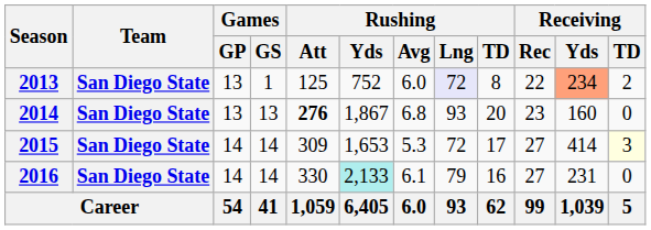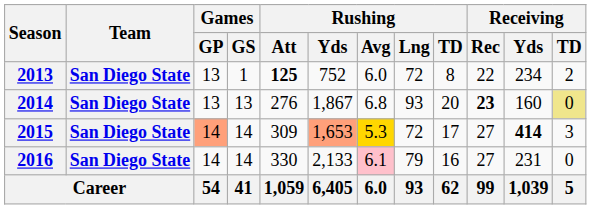 <table class="wikitable" style="text-align:center;">
 <tr>
 <th rowspan="2">Season</th>
 <th rowspan="2">Team</th>
 <th colspan="2">Games</th>
 <th colspan="5">Rushing</th>
 <th colspan="3">Receiving</th>
 </tr>
 <tr>
 <th>GP</th>
 <th>GS</th>
 <th>Att</th>
 <th>Yds</th>
 <th>Avg</th>
 <th>Lng</th>
 <th>TD</th>
 <th>Rec</th>
 <th>Yds</th>
 <th>TD</th>
 </tr>
 <tr>
 <th><a href='#'>2013</a></th>
 <th><a href='#'>San Diego State</a></th>
 <td>13</td>
 <td>1</td>
-<td>125</td>
+<td><strong>125</strong></td>
 <td>752</td>
 <td>6.0</td>
-<td style="background: lavender;">72</td>
+<td>72</td>
 <td>8</td>
 <td>22</td>
-<td style="background: lightsalmon;">234</td>
+<td>234</td>
 <td>2</td>
 </tr>
 <tr>
 <th><a href='#'>2014</a></th>
 <th><a href='#'>San Diego State</a></th>
 <td>13</td>
 <td>13</td>
-<td><strong>276</strong></td>
+<td>276</td>
 <td>1,867</td>
 <td>6.8</td>
 <td>93</td>
 <td>20</td>
-<td>23</td>
+<td><strong>23</strong></td>
 <td>160</td>
-<td>0</td>
+<td style="background: khaki;">0</td>
 </tr>
 <tr>
 <th><a href='#'>2015</a></th>
 <th><a href='#'>San Diego State</a></th>
-<td>14</td>
+<td style="background: lightsalmon;">14</td>
 <td>14</td>
 <td>309</td>
-<td>1,653</td>
-<td>5.3</td>
+<td style="background: lightsalmon;">1,653</td>
+<td style="background: gold;">5.3</td>
 <td>72</td>
 <td>17</td>
 <td>27</td>
-<td>414</td>
-<td style="background: lightyellow;">3</td>
+<td><strong>414</strong></td>
+<td>3</td>
 </tr>
 <tr>
 <th><a href='#'>2016</a></th>
 <th><a href='#'>San Diego State</a></th>
 <td>14</td>
 <td>14</td>
 <td>330</td>
-<td style="background: paleturquoise;">2,133</td>
-<td>6.1</td>
+<td>2,133</td>
+<td style="background: pink;">6.1</td>
 <td>79</td>
 <td>16</td>
 <td>27</td>
 <td>231</td>
 <td>0</td>
 </tr>
 <tr>
 <th colspan="2">Career</th>
 <th>54</th>
 <th>41</th>
 <th>1,059</th>
 <th>6,405</th>
 <th>6.0</th>
 <th>93</th>
 <th>62</th>
 <th>99</th>
 <th>1,039</th>
 <th>5</th>
 </tr>
 </table>
